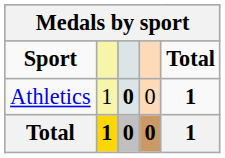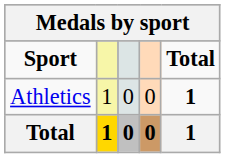 <table class="wikitable" style=font-size:85%>
 <tr style="background:#efefef;">
 <th colspan=5><strong>Medals by sport</strong></th>
 </tr>
 <tr align=center>
 <td><strong>Sport</strong></td>
 <td bgcolor=#f7f6a8></td>
 <td bgcolor=#dce5e5></td>
 <td bgcolor=#ffdab9></td>
 <td><strong>Total</strong></td>
 </tr>
 <tr align=center>
 <td><a href='#'>Athletics</a></td>
 <td style="background:#F7F6A8;">1</td>
-<td style="background:#DCE5E5;"><strong>0</strong></td>
+<td style="background:#DCE5E5;">0</td>
 <td style="background:#FFDAB9;">0</td>
 <td><strong>1</strong></td>
 </tr>
 <tr align=center>
 <th><strong>Total</strong></th>
 <th style="background:gold;"><strong>1</strong></th>
 <th style="background:silver;"><strong>0</strong></th>
 <th style="background:#c96;"><strong>0</strong></th>
 <th><strong>1</strong></th>
 </tr>
 </table>
